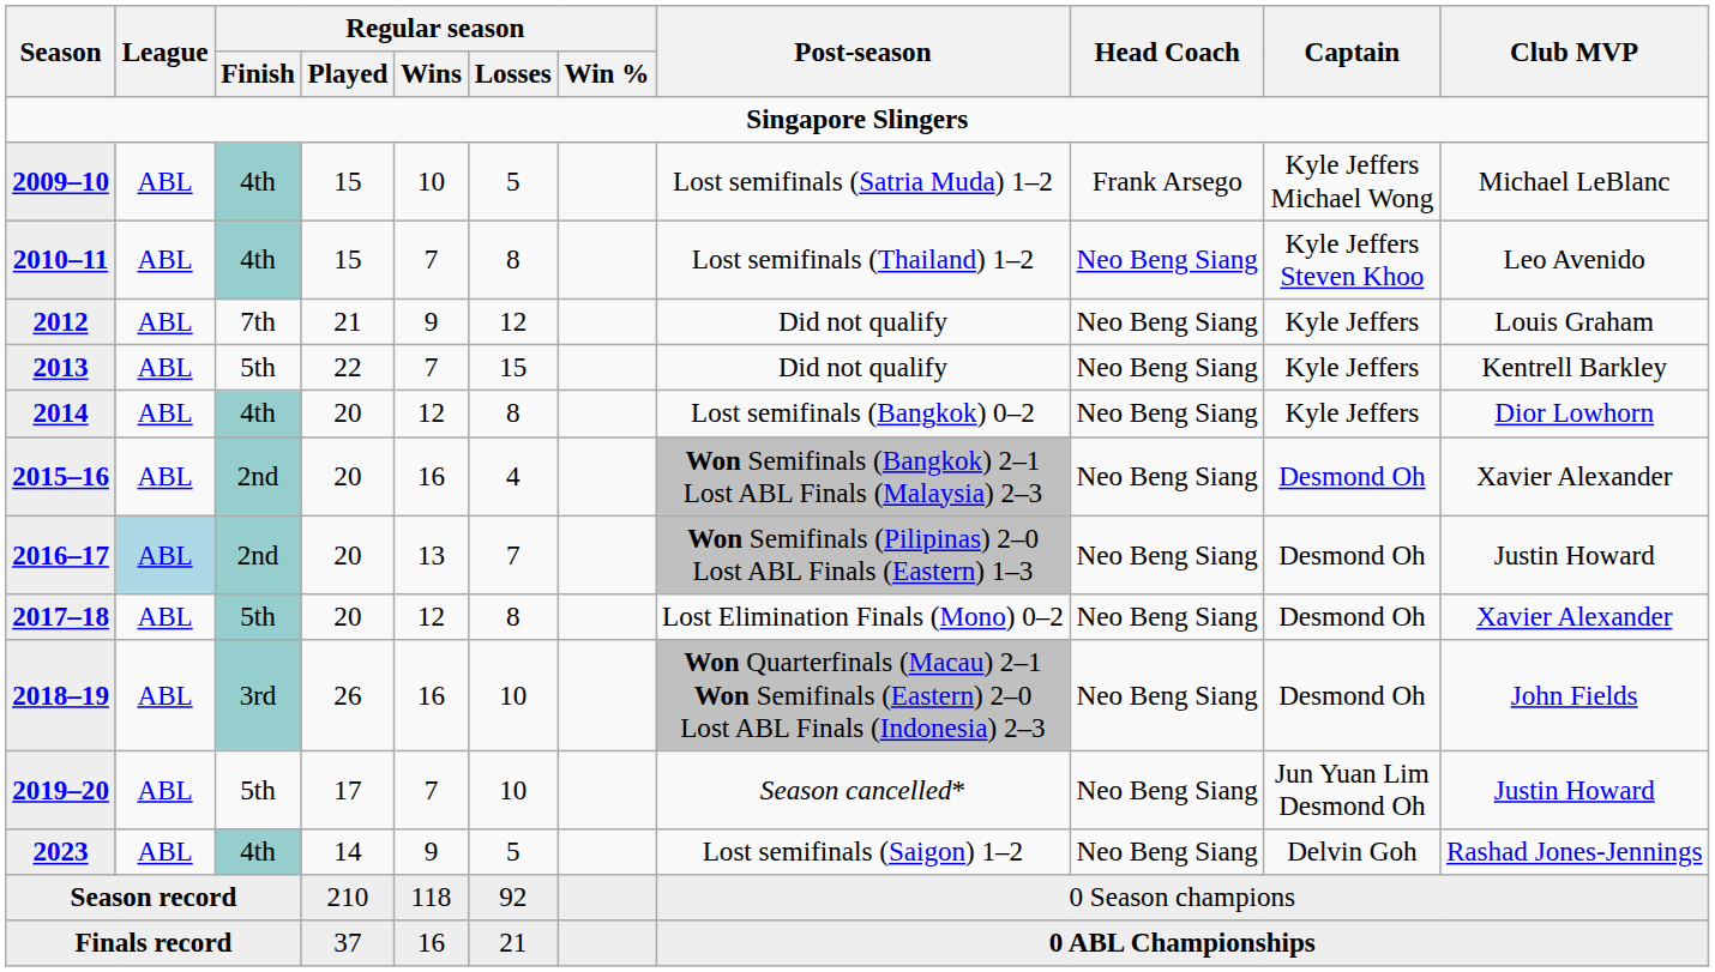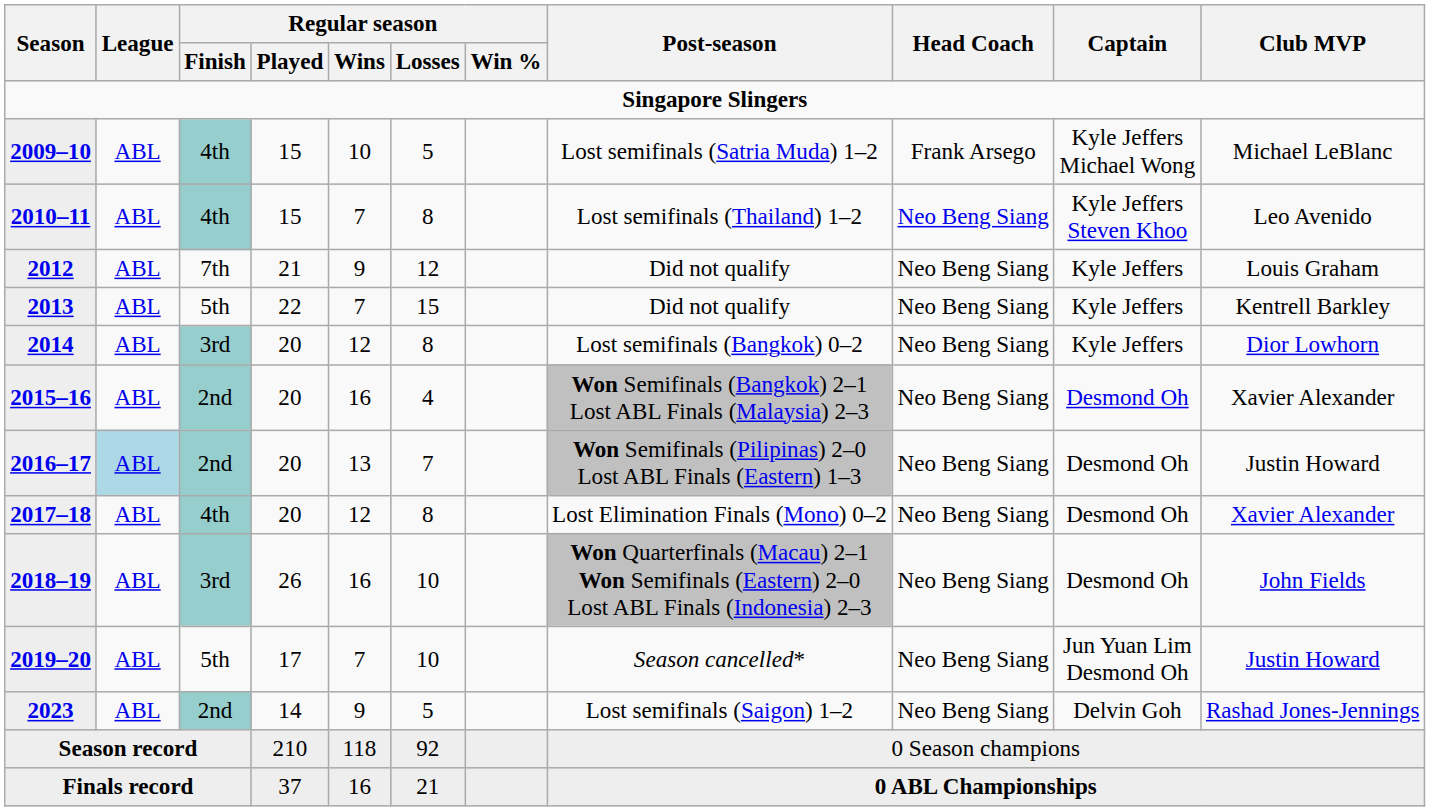 <table class="wikitable" style="font-size:95%; text-align:center">
 <tr>
 <th rowspan=2>Season</th>
 <th rowspan=2>League</th>
 <th colspan=5>Regular season</th>
 <th rowspan=2>Post-season</th>
 <th rowspan=2>Head Coach</th>
 <th rowspan=2>Captain</th>
 <th rowspan=2>Club MVP</th>
 </tr>
 <tr>
 <th>Finish</th>
 <th>Played</th>
 <th>Wins</th>
 <th>Losses</th>
 <th>Win %</th>
 </tr>
 <tr>
 <td colspan="11" align="center"><strong>Singapore Slingers</strong></td>
 </tr>
 <tr>
 <th style="background:#eee;"><a href='#'>2009–10</a></th>
 <td style="text-align:center;"><a href='#'>ABL</a></td>
 <td style="text-align:center;background-color:#96CDCD;">4th</td>
 <td style="text-align:center;">15</td>
 <td style="text-align:center;">10</td>
 <td style="text-align:center;">5</td>
 <td style="text-align:center;"></td>
 <td style="text-align:center;">Lost semifinals (<a href='#'>Satria Muda</a>) 1–2</td>
 <td style="text-align:center;">Frank Arsego</td>
 <td style="text-align:center;">Kyle Jeffers<br>Michael Wong</td>
 <td style="text-align:center;">Michael LeBlanc</td>
 </tr>
 <tr>
 <th style="background:#eee;"><a href='#'>2010–11</a></th>
 <td style="text-align:center;"><a href='#'>ABL</a></td>
 <td style="text-align:center;background-color:#96CDCD;">4th</td>
 <td style="text-align:center;">15</td>
 <td style="text-align:center;">7</td>
 <td style="text-align:center;">8</td>
 <td style="text-align:center;"></td>
 <td style="text-align:center;">Lost semifinals (<a href='#'>Thailand</a>) 1–2</td>
 <td style="text-align:center;"><a href='#'>Neo Beng Siang</a></td>
 <td style="text-align:center;">Kyle Jeffers<br><a href='#'>Steven Khoo</a></td>
 <td style="text-align:center;">Leo Avenido</td>
 </tr>
 <tr>
 <th style="background:#eee;"><a href='#'>2012</a></th>
 <td style="text-align:center;"><a href='#'>ABL</a></td>
 <td style="text-align:center;">7th</td>
 <td style="text-align:center;">21</td>
 <td style="text-align:center;">9</td>
 <td style="text-align:center;">12</td>
 <td style="text-align:center;"></td>
 <td style="text-align:center;">Did not qualify</td>
 <td style="text-align:center;">Neo Beng Siang</td>
 <td style="text-align:center;">Kyle Jeffers</td>
 <td style="text-align:center;">Louis Graham</td>
 </tr>
 <tr>
 <th style="background:#eee;"><a href='#'>2013</a></th>
 <td style="text-align:center;"><a href='#'>ABL</a></td>
 <td style="text-align:center;">5th</td>
 <td style="text-align:center;">22</td>
 <td style="text-align:center;">7</td>
 <td style="text-align:center;">15</td>
 <td style="text-align:center;"></td>
 <td style="text-align:center;">Did not qualify</td>
 <td style="text-align:center;">Neo Beng Siang</td>
 <td style="text-align:center;">Kyle Jeffers</td>
 <td style="text-align:center;">Kentrell Barkley</td>
 </tr>
 <tr>
 <th style="background:#eee;"><a href='#'>2014</a></th>
 <td style="text-align:center;"><a href='#'>ABL</a></td>
-<td style="text-align:center;background-color:#96CDCD;">4th</td>
+<td style="text-align:center;background-color:#96CDCD;">3rd</td>
 <td style="text-align:center;">20</td>
 <td style="text-align:center;">12</td>
 <td style="text-align:center;">8</td>
 <td style="text-align:center;"></td>
 <td style="text-align:center;">Lost semifinals (<a href='#'>Bangkok</a>) 0–2</td>
 <td style="text-align:center;">Neo Beng Siang</td>
 <td style="text-align:center;">Kyle Jeffers</td>
 <td style="text-align:center;"><a href='#'>Dior Lowhorn</a></td>
 </tr>
 <tr>
 <th style="background:#eee;"><a href='#'>2015–16</a></th>
 <td style="text-align:center;"><a href='#'>ABL</a></td>
 <td style="text-align:center;background-color:#96CDCD;">2nd</td>
 <td style="text-align:center;">20</td>
 <td style="text-align:center;">16</td>
 <td style="text-align:center;">4</td>
 <td style="text-align:center;"></td>
 <td style="text-align:center;background-color:silver;"><strong>Won</strong> Semifinals (<a href='#'>Bangkok</a>) 2–1<br>Lost ABL Finals (<a href='#'>Malaysia</a>) 2–3</td>
 <td style="text-align:center;">Neo Beng Siang</td>
 <td style="text-align:center;"><a href='#'>Desmond Oh</a></td>
 <td style="text-align:center;">Xavier Alexander</td>
 </tr>
 <tr>
 <th style="background:#eee;"><a href='#'>2016–17</a></th>
 <td style="background: lightblue; text-align:center;"><a href='#'>ABL</a></td>
 <td style="text-align:center;background-color:#96CDCD;">2nd</td>
 <td style="text-align:center;">20</td>
 <td style="text-align:center;">13</td>
 <td style="text-align:center;">7</td>
 <td style="text-align:center;"></td>
 <td style="text-align:center;background-color:silver;"><strong>Won</strong> Semifinals (<a href='#'>Pilipinas</a>) 2–0<br>Lost ABL Finals (<a href='#'>Eastern</a>) 1–3</td>
 <td style="text-align:center;">Neo Beng Siang</td>
 <td style="text-align:center;">Desmond Oh</td>
 <td style="text-align:center;">Justin Howard</td>
 </tr>
 <tr>
 <th style="background:#eee;"><a href='#'>2017–18</a></th>
 <td style="text-align:center;"><a href='#'>ABL</a></td>
-<td style="text-align:center;background-color:#96CDCD;">5th</td>
+<td style="text-align:center;background-color:#96CDCD;">4th</td>
 <td style="text-align:center;">20</td>
 <td style="text-align:center;">12</td>
 <td style="text-align:center;">8</td>
 <td style="text-align:center;"></td>
 <td style="text-align:center;">Lost Elimination Finals (<a href='#'>Mono</a>) 0–2</td>
 <td style="text-align:center;">Neo Beng Siang</td>
 <td style="text-align:center;">Desmond Oh</td>
 <td style="text-align:center;"><a href='#'>Xavier Alexander</a></td>
 </tr>
 <tr>
 <th style="background:#eee;"><a href='#'>2018–19</a></th>
 <td style="text-align:center;"><a href='#'>ABL</a></td>
 <td style="text-align:center;background-color:#96CDCD;">3rd</td>
 <td style="text-align:center;">26</td>
 <td style="text-align:center;">16</td>
 <td style="text-align:center;">10</td>
 <td style="text-align:center;"></td>
 <td style="text-align:center;background-color:silver;"><strong>Won</strong> Quarterfinals (<a href='#'>Macau</a>) 2–1<br><strong>Won</strong> Semifinals (<a href='#'>Eastern</a>) 2–0<br>Lost ABL Finals (<a href='#'>Indonesia</a>) 2–3</td>
 <td style="text-align:center;">Neo Beng Siang</td>
 <td style="text-align:center;">Desmond Oh</td>
 <td style="text-align:center;"><a href='#'>John Fields</a></td>
 </tr>
 <tr>
 <th style="background:#eee;"><a href='#'>2019–20</a></th>
 <td style="text-align:center;"><a href='#'>ABL</a></td>
 <td style="text-align:center;">5th</td>
 <td style="text-align:center;">17</td>
 <td style="text-align:center;">7</td>
 <td style="text-align:center;">10</td>
 <td style="text-align:center;"></td>
 <td style="text-align:center;"><em>Season cancelled</em>*</td>
 <td style="text-align:center;">Neo Beng Siang</td>
 <td style="text-align:center;">Jun Yuan Lim<br>Desmond Oh</td>
 <td style="text-align:center;"><a href='#'>Justin Howard</a></td>
 </tr>
 <tr>
 <th style="background:#eee;"><a href='#'>2023</a></th>
 <td style="text-align:center;"><a href='#'>ABL</a></td>
-<td style="text-align:center;background-color:#96CDCD;">4th</td>
+<td style="text-align:center;background-color:#96CDCD;">2nd</td>
 <td style="text-align:center;">14</td>
 <td style="text-align:center;">9</td>
 <td style="text-align:center;">5</td>
 <td style="text-align:center;"></td>
 <td style="text-align:center;">Lost semifinals (<a href='#'>Saigon</a>) 1–2</td>
 <td style="text-align:center;">Neo Beng Siang</td>
 <td style="text-align:center;">Delvin Goh</td>
 <td style="text-align:center;"><a href='#'>Rashad Jones-Jennings</a></td>
 </tr>
 <tr>
 <th colspan=3 style="background:#eee;">Season record</th>
 <td style="background:#eee;">210</td>
 <td style="background:#eee;">118</td>
 <td style="background:#eee;">92</td>
 <td style="background:#eee;"></td>
 <td colspan="4" style="background:#eee;">0 Season champions</td>
 </tr>
 <tr>
 <th colspan=3 style="background:#eee;">Finals record</th>
 <td style="background:#eee;">37</td>
 <td style="background:#eee;">16</td>
 <td style="background:#eee;">21</td>
 <td style="background:#eee;"></td>
 <td colspan="4" style="background:#eee;"><strong>0 ABL Championships</strong></td>
 </tr>
 </table>
